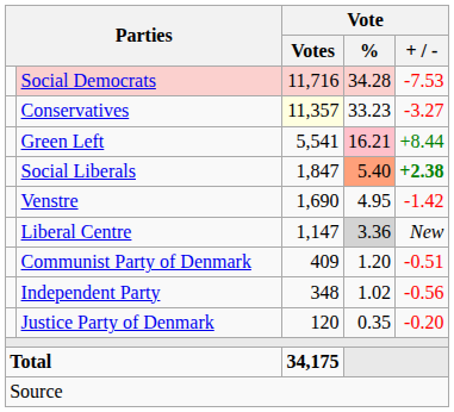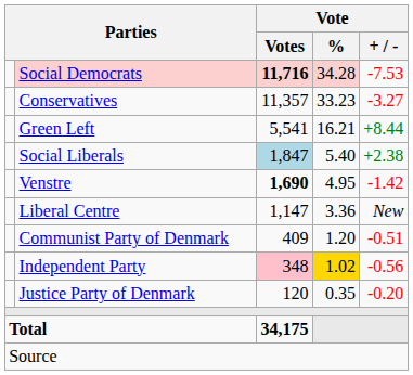 <table class="wikitable" style="text-align:right;">
 <tr>
 <th style="text-align:centre;" rowspan="2" colspan="2" width="225">Parties</th>
 <th colspan="3">Vote</th>
 </tr>
 <tr>
 <th width="15">Votes</th>
 <th width="15">%</th>
 <th width="15">+ / -</th>
 </tr>
 <tr>
 <td width="2" style="color:inherit;background:"></td>
 <td bgcolor=#fbd0ce  align="left"><a href='#'>Social Democrats</a></td>
-<td bgcolor=#fbd0ce>11,716</td>
+<td bgcolor=#fbd0ce><strong>11,716</strong></td>
 <td bgcolor=#fbd0ce>34.28</td>
 <td style=color:red;>-7.53</td>
 </tr>
 <tr>
 <td width="2" style="color:inherit;background:"></td>
 <td align="left"><a href='#'>Conservatives</a></td>
-<td style="background: lightyellow;">11,357</td>
+<td>11,357</td>
 <td>33.23</td>
 <td style=color:red;>-3.27</td>
 </tr>
 <tr>
 <td width="2" style="color:inherit;background:"></td>
 <td align="left"><a href='#'>Green Left</a></td>
 <td>5,541</td>
-<td style="background: pink;">16.21</td>
+<td>16.21</td>
 <td style=color:green;>+8.44</td>
 </tr>
 <tr>
 <td width="2" style="color:inherit;background:"></td>
 <td align="left"><a href='#'>Social Liberals</a></td>
-<td>1,847</td>
-<td style="background: lightsalmon;">5.40</td>
-<td style=color:green;><strong>+2.38</strong></td>
+<td style="background: lightblue;">1,847</td>
+<td>5.40</td>
+<td style=color:green;>+2.38</td>
 </tr>
 <tr>
 <td width="2" style="color:inherit;background:"></td>
 <td align="left"><a href='#'>Venstre</a></td>
-<td>1,690</td>
+<td><strong>1,690</strong></td>
 <td>4.95</td>
 <td style=color:red;>-1.42</td>
 </tr>
 <tr>
 <td width="2" style="color:inherit;background:"></td>
 <td align="left"><a href='#'>Liberal Centre</a></td>
 <td>1,147</td>
-<td style="background: lightgrey;">3.36</td>
+<td>3.36</td>
 <td><em>New</em></td>
 </tr>
 <tr>
 <td width="2" style="color:inherit;background:"></td>
 <td align="left"><a href='#'>Communist Party of Denmark</a></td>
 <td>409</td>
 <td>1.20</td>
 <td style=color:red;>-0.51</td>
 </tr>
 <tr>
 <td width="2" style="color:inherit;background:"></td>
 <td align="left"><a href='#'>Independent Party</a></td>
-<td>348</td>
-<td>1.02</td>
+<td style="background: pink;">348</td>
+<td style="background: gold;">1.02</td>
 <td style=color:red;>-0.56</td>
 </tr>
 <tr>
 <td width="2" style="color:inherit;background:"></td>
 <td align="left"><a href='#'>Justice Party of Denmark</a></td>
 <td>120</td>
 <td>0.35</td>
 <td style=color:red;>-0.20</td>
 </tr>
 <tr>
 <td colspan="7" bgcolor="#E9E9E9"></td>
 </tr>
 <tr>
 <td align="left" colspan="2"><strong>Total</strong></td>
 <td><strong>34,175</strong></td>
 <td bgcolor="#E9E9E9" colspan="2"></td>
 </tr>
 <tr>
 <td align="left" colspan="6">Source</td>
 </tr>
 </table>
